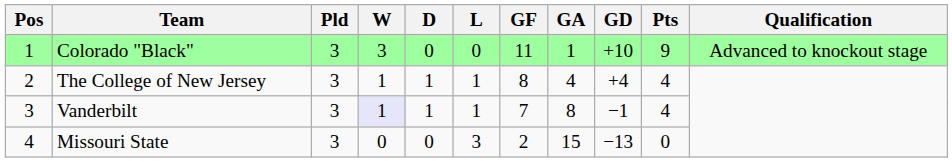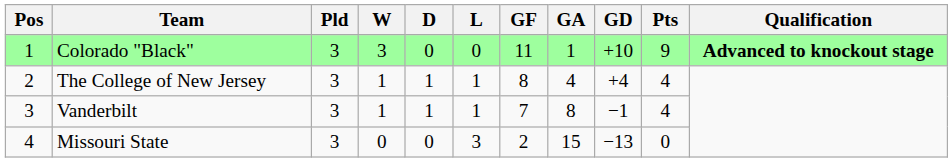 <table class="wikitable" style="text-align:center; margin: 1em auto">
 <tr>
 <th style="width:2em">Pos</th>
 <th style="width:13em">Team</th>
 <th style="width:2em">Pld</th>
 <th style="width:2em">W</th>
 <th style="width:2em">D</th>
 <th style="width:2em">L</th>
 <th style="width:2em">GF</th>
 <th style="width:2em">GA</th>
 <th style="width:2em">GD</th>
 <th style="width:2em">Pts</th>
 <th style="width:13em">Qualification</th>
 </tr>
 <tr bgcolor="#9eff9e">
 <td>1</td>
 <td style="text-align:left">Colorado "Black"</td>
 <td>3</td>
 <td>3</td>
 <td>0</td>
 <td>0</td>
 <td>11</td>
 <td>1</td>
 <td>+10</td>
 <td>9</td>
-<td>Advanced to knockout stage</td>
+<td><strong>Advanced to knockout stage</strong></td>
 </tr>
 <tr>
 <td>2</td>
 <td style="text-align:left">The College of New Jersey</td>
 <td>3</td>
 <td>1</td>
 <td>1</td>
 <td>1</td>
 <td>8</td>
 <td>4</td>
 <td>+4</td>
 <td>4</td>
 </tr>
 <tr>
 <td>3</td>
 <td style="text-align:left">Vanderbilt</td>
 <td>3</td>
-<td style="background: lavender;">1</td>
+<td>1</td>
 <td>1</td>
 <td>1</td>
 <td>7</td>
 <td>8</td>
 <td>−1</td>
 <td>4</td>
 </tr>
 <tr>
 <td>4</td>
 <td style="text-align:left">Missouri State</td>
 <td>3</td>
 <td>0</td>
 <td>0</td>
 <td>3</td>
 <td>2</td>
 <td>15</td>
 <td>−13</td>
 <td>0</td>
 </tr>
 </table>
